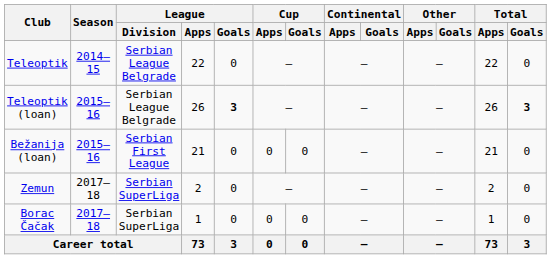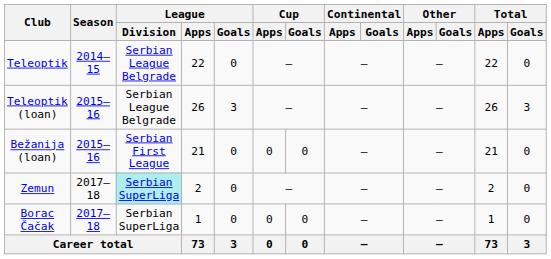 <table class="wikitable" style="text-align:center">
 <tr>
 <th rowspan="2">Club</th>
 <th rowspan="2">Season</th>
 <th colspan="3">League</th>
 <th colspan="2">Cup</th>
 <th colspan="2">Continental</th>
 <th colspan="2">Other</th>
 <th colspan="2">Total</th>
 </tr>
 <tr>
 <th>Division</th>
 <th>Apps</th>
 <th>Goals</th>
 <th>Apps</th>
 <th>Goals</th>
 <th>Apps</th>
 <th>Goals</th>
 <th>Apps</th>
 <th>Goals</th>
 <th>Apps</th>
 <th>Goals</th>
 </tr>
 <tr>
 <td><a href='#'>Teleoptik</a></td>
 <td><a href='#'>2014–15</a></td>
 <td><a href='#'>Serbian League Belgrade</a></td>
 <td>22</td>
 <td>0</td>
 <td colspan="2">—</td>
 <td colspan="2">—</td>
 <td colspan="2">—</td>
 <td>22</td>
 <td>0</td>
 </tr>
 <tr>
 <td><a href='#'>Teleoptik</a> (loan)</td>
 <td><a href='#'>2015–16</a></td>
 <td>Serbian League Belgrade</td>
 <td>26</td>
-<td><strong>3</strong></td>
+<td>3</td>
 <td colspan="2">—</td>
 <td colspan="2">—</td>
 <td colspan="2">—</td>
 <td>26</td>
-<td><strong>3</strong></td>
+<td>3</td>
 </tr>
 <tr>
 <td><a href='#'>Bežanija</a> (loan)</td>
 <td><a href='#'>2015–16</a></td>
 <td><a href='#'>Serbian First League</a></td>
 <td>21</td>
 <td>0</td>
 <td>0</td>
 <td>0</td>
 <td colspan="2">—</td>
 <td colspan="2">—</td>
 <td>21</td>
 <td>0</td>
 </tr>
 <tr>
 <td><a href='#'>Zemun</a></td>
 <td>2017–18</td>
-<td><a href='#'>Serbian SuperLiga</a></td>
+<td style="background: paleturquoise;"><a href='#'>Serbian SuperLiga</a></td>
 <td>2</td>
 <td>0</td>
 <td colspan="2">—</td>
 <td colspan="2">—</td>
 <td colspan="2">—</td>
 <td>2</td>
 <td>0</td>
 </tr>
 <tr>
 <td><a href='#'>Borac Čačak</a></td>
 <td><a href='#'>2017–18</a></td>
 <td>Serbian SuperLiga</td>
 <td>1</td>
 <td>0</td>
 <td>0</td>
 <td>0</td>
 <td colspan="2">—</td>
 <td colspan="2">—</td>
 <td>1</td>
 <td>0</td>
 </tr>
 <tr>
 <th colspan="3">Career total</th>
 <th>73</th>
 <th>3</th>
 <th>0</th>
 <th>0</th>
 <th colspan="2">—</th>
 <th colspan="2">—</th>
 <th>73</th>
 <th>3</th>
 </tr>
 </table>
